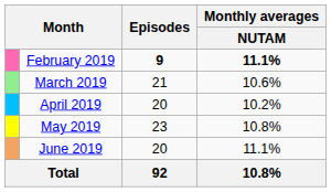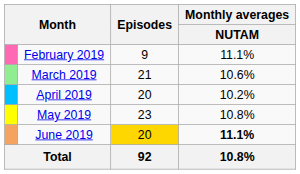 <table class="wikitable plainrowheaders" style="text-align: center; line-height:25px">
 <tr class="wikitable" style="text-align: center;">
 <th colspan="2" rowspan="2" style="padding: 0 8px;">Month</th>
 <th rowspan="2" style="padding: 0 8px;">Episodes</th>
 <th colspan="2" style="padding: 0 8px;">Monthly averages</th>
 </tr>
 <tr>
 <th style="padding: 0 8px;">NUTAM</th>
 </tr>
 <tr>
 <td style="padding: 0 8px; background:#FF69B4;"></td>
 <td style="padding: 0 8px;" '><a href='#'>February 2019</a></td>
-<td style="padding: 0 8px;"><strong>9</strong></td>
-<td style="padding: 0 8px;"><strong>11.1%</strong></td>
+<td style="padding: 0 8px;">9</td>
+<td style="padding: 0 8px;">11.1%</td>
 </tr>
 <tr>
 <td style="padding: 0 8px; background:#90EE90;"></td>
 <td style="padding: 0 8px;" '><a href='#'>March 2019</a></td>
 <td style="padding: 0 8px;">21</td>
 <td style="padding: 0 8px;">10.6%</td>
 </tr>
 <tr>
 <td style="padding: 0 8px; background:#00BFFF;"></td>
 <td style="padding: 0 8px;" '><a href='#'>April 2019</a></td>
 <td style="padding: 0 8px;">20</td>
 <td style="padding: 0 8px;">10.2%</td>
 </tr>
 <tr>
 <td style="padding: 0 8px; background:#FFFF00;"></td>
 <td style="padding: 0 8px;" '><a href='#'>May 2019</a></td>
 <td style="padding: 0 8px;">23</td>
 <td style="padding: 0 8px;">10.8%</td>
 </tr>
 <tr>
 <td style="padding: 0 8px; background:#F4A460;"></td>
 <td style="padding: 0 8px;" '><a href='#'>June 2019</a></td>
-<td style="padding: 0 8px;">20</td>
-<td style="padding: 0 8px;">11.1%</td>
+<td style="background: gold; padding: 0 8px;">20</td>
+<td style="padding: 0 8px;"><strong>11.1%</strong></td>
 </tr>
 <tr>
 <th colspan="2">Total</th>
 <th colspan="1">92</th>
 <th colspan="2">10.8%</th>
 </tr>
 </table>
